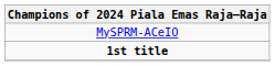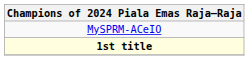 <table class="wikitable" style="text-align: center; margin: 0 auto;">
 <tr>
 <th><strong>Champions of 2024 Piala Emas Raja–Raja</strong></th>
 </tr>
 <tr>
 <td><a href='#'>MySPRM-ACeIO</a></td>
 </tr>
 <tr>
-<td><strong>1st title</strong></td>
+<td style="background: lightyellow;"><strong>1st title</strong></td>
 </tr>
 <tr>
 </tr>
 </table>
